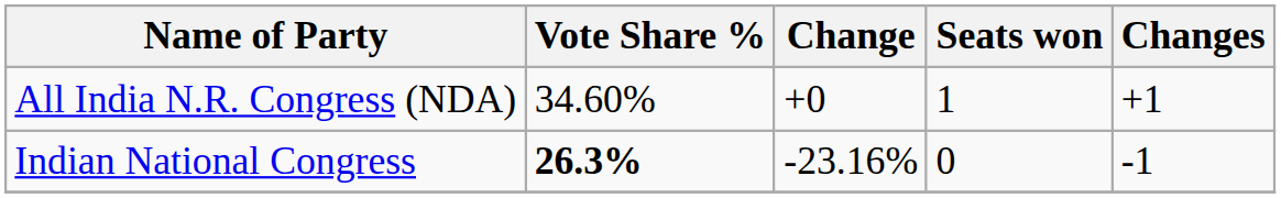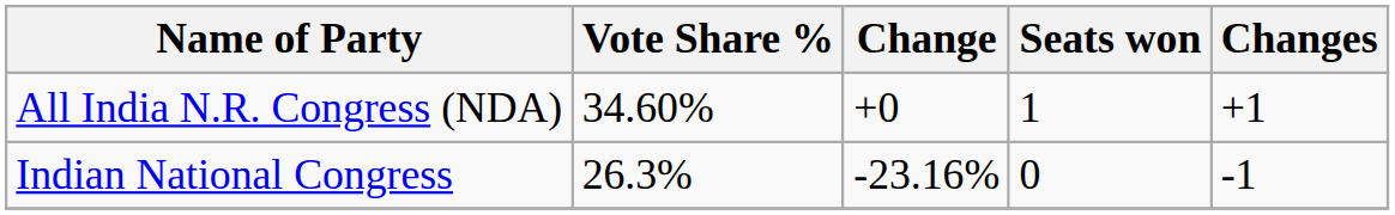 <table class="wikitable sortable">
 <tr>
 <th>Name of Party</th>
 <th>Vote Share %</th>
 <th>Change</th>
 <th>Seats won</th>
 <th>Changes</th>
 </tr>
 <tr>
 <td><a href='#'>All India N.R. Congress</a> (NDA)</td>
 <td>34.60%</td>
 <td>+0</td>
 <td>1</td>
 <td>+1</td>
 </tr>
 <tr>
 <td><a href='#'>Indian National Congress</a></td>
-<td><strong>26.3%</strong></td>
+<td>26.3%</td>
 <td>-23.16%</td>
 <td>0</td>
 <td>-1</td>
 </tr>
 <tr>
 </tr>
 </table>
